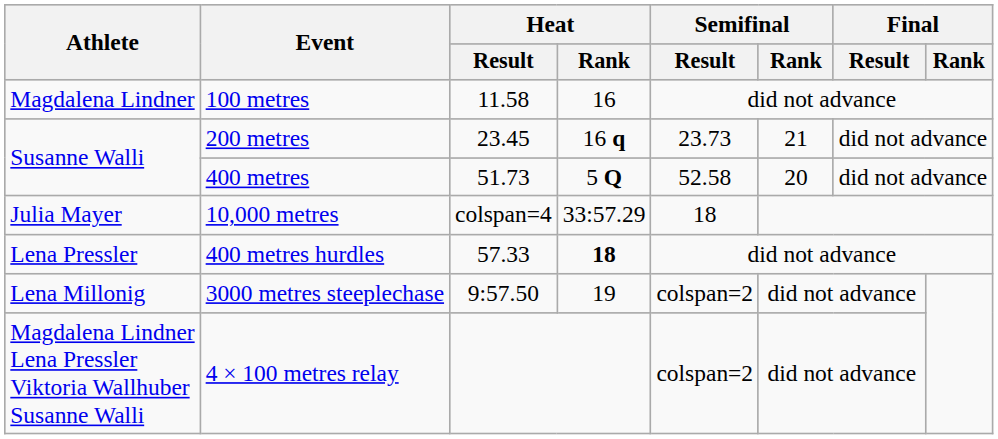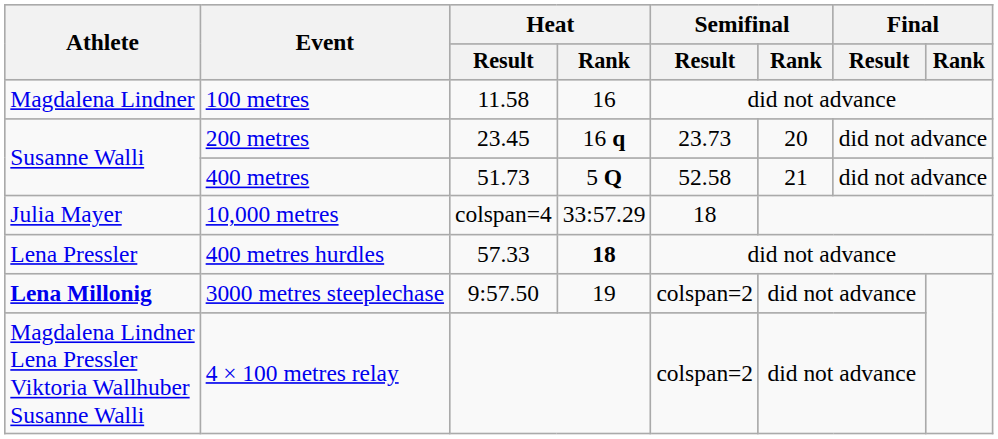 <table class=wikitable style=font-size:90%>
 <tr>
 <th rowspan=2>Athlete</th>
 <th rowspan=2>Event</th>
 <th colspan=2>Heat</th>
 <th colspan=2>Semifinal</th>
 <th colspan=2>Final</th>
 </tr>
 <tr style=font-size:95%>
 <th>Result</th>
 <th>Rank</th>
 <th>Result</th>
 <th>Rank</th>
 <th>Result</th>
 <th>Rank</th>
 </tr>
 <tr align=center>
 <td align=left><a href='#'>Magdalena Lindner</a></td>
 <td align=left><a href='#'>100 metres</a></td>
 <td>11.58</td>
 <td>16</td>
 <td colspan=4>did not advance</td>
 </tr>
 <tr align=center>
 <td align=left rowspan=2><a href='#'>Susanne Walli</a></td>
 <td align=left><a href='#'>200 metres</a></td>
 <td>23.45</td>
 <td>16 <strong>q</strong></td>
 <td>23.73</td>
-<td>21</td>
+<td>20</td>
 <td colspan=2>did not advance</td>
 </tr>
 <tr align=center>
 <td align=left><a href='#'>400 metres</a></td>
 <td>51.73 </td>
 <td>5 <strong>Q</strong></td>
 <td>52.58</td>
-<td>20</td>
+<td>21</td>
 <td colspan=2>did not advance</td>
 </tr>
 <tr align=center>
 <td align=left><a href='#'>Julia Mayer</a></td>
 <td align=left><a href='#'>10,000 metres</a></td>
 <td>colspan=4</td>
 <td>33:57.29</td>
 <td>18</td>
 </tr>
 <tr align=center>
 <td align=left><a href='#'>Lena Pressler</a></td>
 <td align=left><a href='#'>400 metres hurdles</a></td>
 <td>57.33</td>
 <td><strong>18</strong></td>
 <td colspan=4>did not advance</td>
 </tr>
 <tr align=center>
-<td align=left><a href='#'>Lena Millonig</a></td>
+<td align=left><strong><a href='#'>Lena Millonig</a></strong></td>
 <td align=left><a href='#'>3000 metres steeplechase</a></td>
 <td>9:57.50</td>
 <td>19</td>
 <td>colspan=2</td>
 <td colspan=2>did not advance</td>
 </tr>
 <tr align=center>
 <td align=left><a href='#'>Magdalena Lindner</a><br><a href='#'>Lena Pressler</a><br><a href='#'>Viktoria Wallhuber</a><br><a href='#'>Susanne Walli</a></td>
 <td align=left><a href='#'>4 × 100 metres relay</a></td>
 <td colspan=2></td>
 <td>colspan=2</td>
 <td colspan=2>did not advance</td>
 </tr>
 </table>
